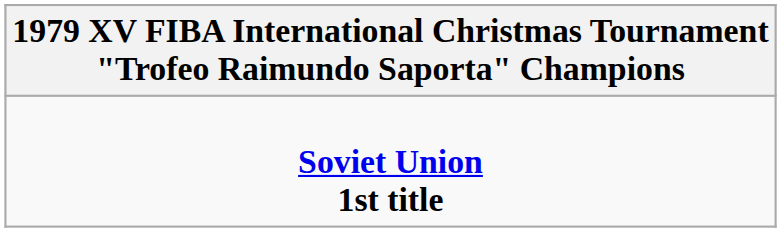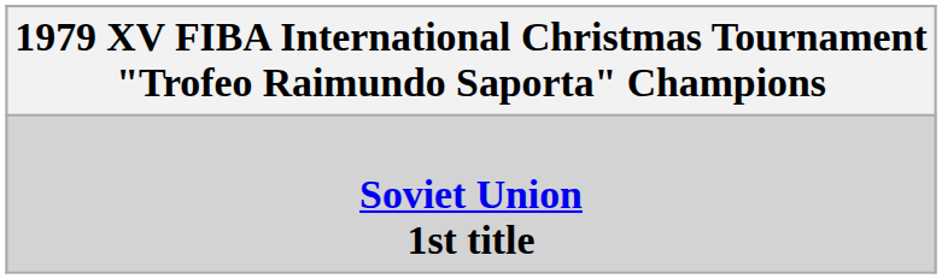 <table class=wikitable style="text-align:center; margin:auto">
 <tr>
 <th>1979 XV FIBA International Christmas Tournament<br>"Trofeo Raimundo Saporta" Champions</th>
 </tr>
 <tr>
-<td><br><strong><a href='#'>Soviet Union</a></strong><br><strong>1st title</strong></td>
+<td style="background: lightgrey;"><br><strong><a href='#'>Soviet Union</a></strong><br><strong>1st title</strong></td>
 </tr>
 </table>
